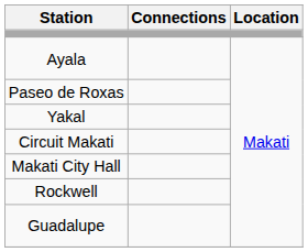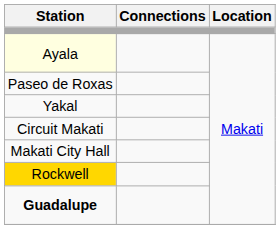 <table class="wikitable" style="text-align:center; font-size:95%;">
 <tr>
 <th>Station</th>
 <th>Connections</th>
 <th>Location</th>
 </tr>
 <tr style = "background:#a9a9a9; height: 2pt">
 <td colspan="5"></td>
 </tr>
 <tr>
-<td>Ayala</td>
+<td style="background: lightyellow;">Ayala</td>
 <td style="text-align: left"><br><br></td>
 <td rowspan="7"><a href='#'>Makati</a></td>
 </tr>
 <tr>
 <td>Paseo de Roxas</td>
 <td style="text-align: left"> </td>
 </tr>
 <tr>
 <td>Yakal</td>
 <td style="text-align: left"> </td>
 </tr>
 <tr>
 <td>Circuit Makati</td>
 <td style="text-align: left"></td>
 </tr>
 <tr>
 <td>Makati City Hall</td>
 <td style="text-align: left"></td>
 </tr>
 <tr>
-<td>Rockwell</td>
+<td style="background: gold;">Rockwell</td>
 <td style="text-align: left"></td>
 </tr>
 <tr>
-<td>Guadalupe</td>
+<td><strong>Guadalupe</strong></td>
 <td style="text-align: left"><br><br></td>
 </tr>
 <tr>
 </tr>
 </table>
